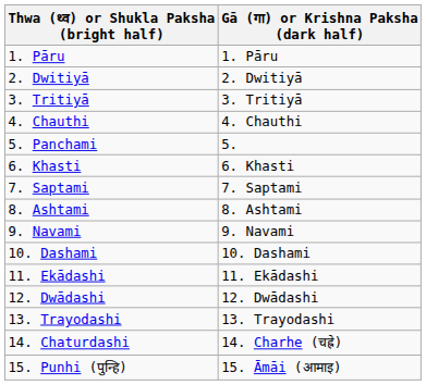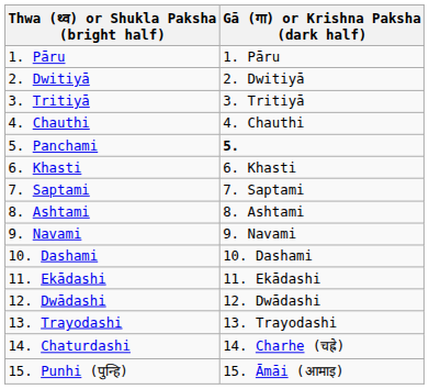 <table class="wikitable">
 <tr>
 <th>Thwa (थ्व) or Shukla Paksha<br>(bright half)</th>
 <th>Gā (गा) or Krishna Paksha<br>(dark half)</th>
 </tr>
 <tr>
 <td>1. <a href='#'>Pāru</a></td>
 <td>1. Pāru</td>
 </tr>
 <tr>
 <td>2. <a href='#'>Dwitiyā</a></td>
 <td>2. Dwitiyā</td>
 </tr>
 <tr>
 <td>3. <a href='#'>Tritiyā</a></td>
 <td>3. Tritiyā</td>
 </tr>
 <tr>
 <td>4. <a href='#'>Chauthi</a></td>
 <td>4. Chauthi</td>
 </tr>
 <tr>
 <td>5. <a href='#'>Panchami</a></td>
-<td>5.</td>
+<td><strong>5.</strong></td>
 </tr>
 <tr>
 <td>6. <a href='#'>Khasti</a></td>
 <td>6. Khasti</td>
 </tr>
 <tr>
 <td>7. <a href='#'>Saptami</a></td>
 <td>7. Saptami</td>
 </tr>
 <tr>
 <td>8. <a href='#'>Ashtami</a></td>
 <td>8. Ashtami</td>
 </tr>
 <tr>
 <td>9. <a href='#'>Navami</a></td>
 <td>9. Navami</td>
 </tr>
 <tr>
 <td>10. <a href='#'>Dashami</a></td>
 <td>10. Dashami</td>
 </tr>
 <tr>
 <td>11. <a href='#'>Ekādashi</a></td>
 <td>11. Ekādashi</td>
 </tr>
 <tr>
 <td>12. <a href='#'>Dwādashi</a></td>
 <td>12. Dwādashi</td>
 </tr>
 <tr>
 <td>13. <a href='#'>Trayodashi</a></td>
 <td>13. Trayodashi</td>
 </tr>
 <tr>
 <td>14. <a href='#'>Chaturdashi</a></td>
 <td>14. <a href='#'>Charhe</a> (चह्रे)</td>
 </tr>
 <tr>
 <td>15. <a href='#'>Punhi</a> (पुन्हि)</td>
 <td>15. <a href='#'>Āmāi</a> (आमाइ)</td>
 </tr>
 </table>
